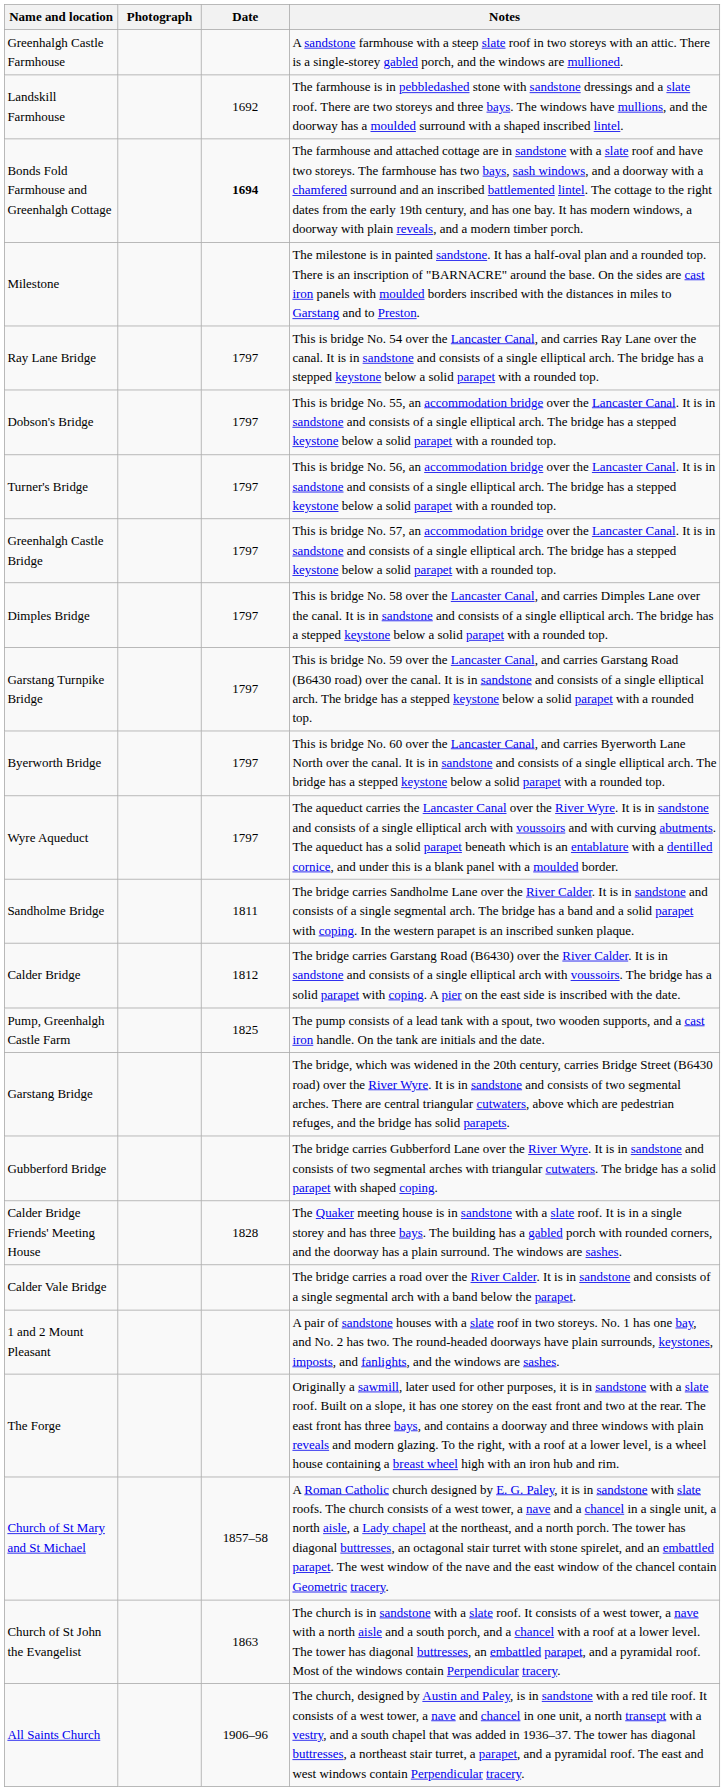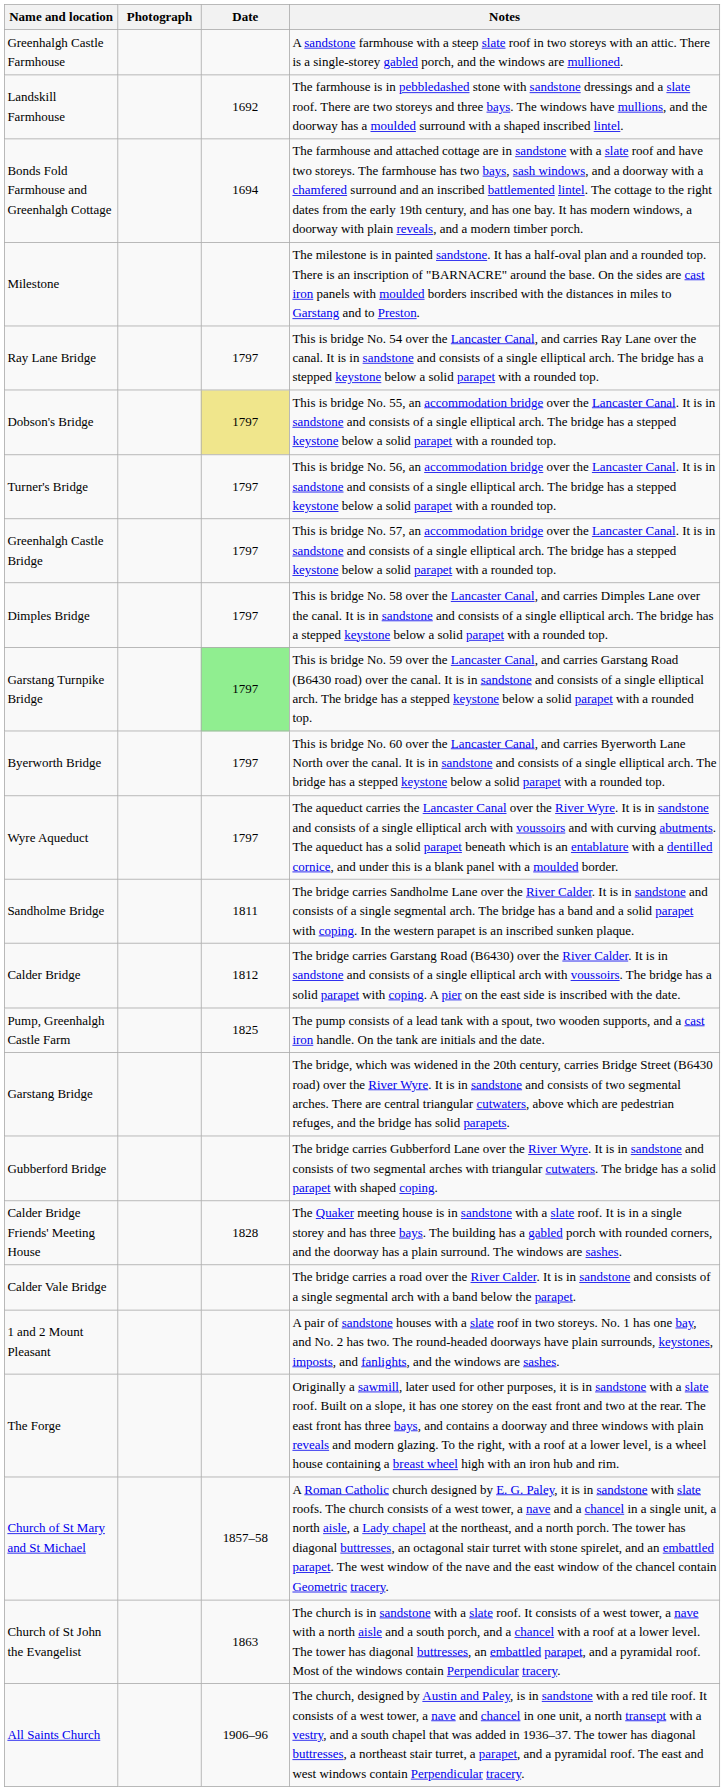 <table class="wikitable sortable plainrowheaders" style="width:100%;border:0px;text-align:left;line-height:150%;">
 <tr>
 <th scope="col"  style="width:150px">Name and location</th>
 <th scope="col"  style="width:100px" class="unsortable">Photograph</th>
 <th scope="col"  style="width:120px">Date</th>
 <th scope="col"  style="width:650px" class="unsortable">Notes</th>
 </tr>
 <tr>
 <td>Greenhalgh Castle Farmhouse<br><small></small></td>
 <td></td>
 <td align="center"></td>
 <td>A <a href='#'>sandstone</a> farmhouse with a steep <a href='#'>slate</a> roof in two storeys with an attic.  There is a single-storey <a href='#'>gabled</a> porch, and the windows are <a href='#'>mullioned</a>.</td>
 </tr>
 <tr>
 <td>Landskill Farmhouse<br><small></small></td>
 <td></td>
 <td align="center">1692</td>
 <td>The farmhouse is in <a href='#'>pebbledashed</a> stone with <a href='#'>sandstone</a> dressings and a <a href='#'>slate</a> roof.  There are two storeys and three <a href='#'>bays</a>.  The windows have <a href='#'>mullions</a>, and the doorway has a <a href='#'>moulded</a> surround with a shaped inscribed <a href='#'>lintel</a>.</td>
 </tr>
 <tr>
 <td>Bonds Fold Farmhouse and<br>Greenhalgh Cottage<br><small></small></td>
 <td></td>
-<td align="center"><strong>1694</strong></td>
+<td align="center">1694</td>
 <td>The farmhouse and attached cottage are in <a href='#'>sandstone</a> with a <a href='#'>slate</a> roof and have two storeys.  The farmhouse has two <a href='#'>bays</a>, <a href='#'>sash windows</a>, and a doorway with a <a href='#'>chamfered</a> surround and an inscribed <a href='#'>battlemented</a> <a href='#'>lintel</a>.  The cottage to the right dates from the early 19th century, and has one bay.  It has modern windows, a doorway with plain <a href='#'>reveals</a>, and a modern timber porch.</td>
 </tr>
 <tr>
 <td>Milestone<br><small></small></td>
 <td></td>
 <td align="center"></td>
 <td>The milestone is in painted <a href='#'>sandstone</a>.  It has a half-oval plan and a rounded top.  There is an inscription of "BARNACRE" around the base.  On the sides are <a href='#'>cast iron</a> panels with <a href='#'>moulded</a> borders inscribed with the distances in miles to <a href='#'>Garstang</a> and to <a href='#'>Preston</a>.</td>
 </tr>
 <tr>
 <td>Ray Lane Bridge<br><small></small></td>
 <td></td>
 <td align="center">1797</td>
 <td>This is bridge No. 54 over the <a href='#'>Lancaster Canal</a>, and carries Ray Lane over the canal.  It is in <a href='#'>sandstone</a> and consists of a single elliptical arch.  The bridge has a stepped <a href='#'>keystone</a> below a solid <a href='#'>parapet</a> with a rounded top.</td>
 </tr>
 <tr>
 <td>Dobson's Bridge<br><small></small></td>
 <td></td>
-<td align="center">1797</td>
+<td align="center" style="background: khaki;">1797</td>
 <td>This is bridge No. 55, an <a href='#'>accommodation bridge</a> over the <a href='#'>Lancaster Canal</a>.  It is in <a href='#'>sandstone</a> and consists of a single elliptical arch.  The bridge has a stepped <a href='#'>keystone</a> below a solid <a href='#'>parapet</a> with a rounded top.</td>
 </tr>
 <tr>
 <td>Turner's Bridge<br><small></small></td>
 <td></td>
 <td align="center">1797</td>
 <td>This is bridge No. 56, an <a href='#'>accommodation bridge</a> over the <a href='#'>Lancaster Canal</a>.  It is in <a href='#'>sandstone</a> and consists of a single elliptical arch.  The bridge has a stepped <a href='#'>keystone</a> below a solid <a href='#'>parapet</a> with a rounded top.</td>
 </tr>
 <tr>
 <td>Greenhalgh Castle Bridge<br><small></small></td>
 <td></td>
 <td align="center">1797</td>
 <td>This is bridge No. 57, an <a href='#'>accommodation bridge</a> over the <a href='#'>Lancaster Canal</a>.  It is in <a href='#'>sandstone</a> and consists of a single elliptical arch.  The bridge has a stepped <a href='#'>keystone</a> below a solid <a href='#'>parapet</a> with a rounded top.</td>
 </tr>
 <tr>
 <td>Dimples Bridge<br><small></small></td>
 <td></td>
 <td align="center">1797</td>
 <td>This is bridge No. 58 over the <a href='#'>Lancaster Canal</a>, and carries Dimples Lane over the canal.  It is in <a href='#'>sandstone</a> and consists of a single elliptical arch.  The bridge has a stepped <a href='#'>keystone</a> below a solid <a href='#'>parapet</a> with a rounded top.</td>
 </tr>
 <tr>
 <td>Garstang Turnpike Bridge<br><small></small></td>
 <td></td>
-<td align="center">1797</td>
+<td align="center" style="background: lightgreen;">1797</td>
 <td>This is bridge No. 59 over the <a href='#'>Lancaster Canal</a>, and carries Garstang Road (B6430 road) over the canal.  It is in <a href='#'>sandstone</a> and consists of a single elliptical arch.  The bridge has a stepped <a href='#'>keystone</a> below a solid <a href='#'>parapet</a> with a rounded top.</td>
 </tr>
 <tr>
 <td>Byerworth Bridge<br><small></small></td>
 <td></td>
 <td align="center">1797</td>
 <td>This is bridge No. 60 over the <a href='#'>Lancaster Canal</a>, and carries Byerworth Lane North over the canal.  It is in <a href='#'>sandstone</a> and consists of a single elliptical arch.  The bridge has a stepped <a href='#'>keystone</a> below a solid <a href='#'>parapet</a> with a rounded top.</td>
 </tr>
 <tr>
 <td>Wyre Aqueduct<br><small></small></td>
 <td></td>
 <td align="center">1797</td>
 <td>The aqueduct carries the <a href='#'>Lancaster Canal</a> over the <a href='#'>River Wyre</a>.  It is in <a href='#'>sandstone</a> and consists of a single elliptical arch with <a href='#'>voussoirs</a> and with curving <a href='#'>abutments</a>.  The aqueduct has a solid <a href='#'>parapet</a> beneath which is an <a href='#'>entablature</a> with a <a href='#'>dentilled</a> <a href='#'>cornice</a>, and under this is a blank panel with a <a href='#'>moulded</a> border.</td>
 </tr>
 <tr>
 <td>Sandholme Bridge<br><small></small></td>
 <td></td>
 <td align="center">1811</td>
 <td>The bridge carries Sandholme Lane over the <a href='#'>River Calder</a>.  It is in <a href='#'>sandstone</a> and consists of a single segmental arch.  The bridge has a band and a solid <a href='#'>parapet</a> with <a href='#'>coping</a>.  In the western parapet is an inscribed sunken plaque.</td>
 </tr>
 <tr>
 <td>Calder Bridge<br><small></small></td>
 <td></td>
 <td align="center">1812</td>
 <td>The bridge carries Garstang Road (B6430) over the <a href='#'>River Calder</a>.  It is in <a href='#'>sandstone</a> and consists of a single elliptical arch with <a href='#'>voussoirs</a>.  The bridge has a solid <a href='#'>parapet</a> with <a href='#'>coping</a>.  A <a href='#'>pier</a> on the east side is inscribed with the date.</td>
 </tr>
 <tr>
 <td>Pump, Greenhalgh Castle Farm<br><small></small></td>
 <td></td>
 <td align="center">1825</td>
 <td>The pump consists of a lead tank with a spout, two wooden supports, and a <a href='#'>cast iron</a> handle.  On the tank are initials and the date.</td>
 </tr>
 <tr>
 <td>Garstang Bridge<br><small></small></td>
 <td></td>
 <td align="center"></td>
 <td>The bridge, which was widened in the 20th century, carries Bridge Street (B6430 road) over the <a href='#'>River Wyre</a>.  It is in <a href='#'>sandstone</a> and consists of two segmental arches.  There are central triangular <a href='#'>cutwaters</a>, above which are pedestrian refuges, and the bridge has solid <a href='#'>parapets</a>.</td>
 </tr>
 <tr>
 <td>Gubberford Bridge<br><small></small></td>
 <td></td>
 <td align="center"></td>
 <td>The bridge carries Gubberford Lane over the <a href='#'>River Wyre</a>.  It is in <a href='#'>sandstone</a> and consists of two segmental arches with triangular <a href='#'>cutwaters</a>.  The bridge has a solid <a href='#'>parapet</a> with shaped <a href='#'>coping</a>.</td>
 </tr>
 <tr>
 <td>Calder Bridge Friends' Meeting House<br><small></small></td>
 <td></td>
 <td align="center">1828</td>
 <td>The <a href='#'>Quaker</a> meeting house is in <a href='#'>sandstone</a> with a <a href='#'>slate</a> roof.  It is in a single storey and has three <a href='#'>bays</a>.  The building has a <a href='#'>gabled</a> porch with rounded corners, and the doorway has a plain surround.  The windows are <a href='#'>sashes</a>.</td>
 </tr>
 <tr>
 <td>Calder Vale Bridge<br><small></small></td>
 <td></td>
 <td align="center"></td>
 <td>The bridge carries a road over the <a href='#'>River Calder</a>.  It is in <a href='#'>sandstone</a> and consists of a single segmental arch with a band below the <a href='#'>parapet</a>.</td>
 </tr>
 <tr>
 <td>1 and 2 Mount Pleasant<br><small></small></td>
 <td></td>
 <td align="center"></td>
 <td>A pair of <a href='#'>sandstone</a> houses with a <a href='#'>slate</a> roof in two storeys.  No. 1 has one <a href='#'>bay</a>, and No. 2 has two.  The round-headed doorways have plain surrounds, <a href='#'>keystones</a>, <a href='#'>imposts</a>, and <a href='#'>fanlights</a>, and the windows are <a href='#'>sashes</a>.</td>
 </tr>
 <tr>
 <td>The Forge<br><small></small></td>
 <td></td>
 <td align="center"></td>
 <td>Originally a <a href='#'>sawmill</a>, later used for other purposes, it is in <a href='#'>sandstone</a> with a <a href='#'>slate</a> roof.  Built on a slope, it has one storey on the east front and two at the rear.  The east front has three <a href='#'>bays</a>, and contains a doorway and three windows with plain <a href='#'>reveals</a> and modern glazing.  To the right, with a roof at a lower level, is a wheel house containing a <a href='#'>breast wheel</a>  high with an iron hub and rim.</td>
 </tr>
 <tr>
 <td><a href='#'>Church of St Mary and St Michael</a><br><small></small></td>
 <td></td>
 <td align="center">1857–58</td>
 <td>A <a href='#'>Roman Catholic</a> church designed by <a href='#'>E. G. Paley</a>, it is in <a href='#'>sandstone</a> with <a href='#'>slate</a> roofs.  The church consists of a west tower, a <a href='#'>nave</a> and a <a href='#'>chancel</a> in a single unit, a north <a href='#'>aisle</a>, a <a href='#'>Lady chapel</a> at the northeast, and a north porch.  The tower has diagonal <a href='#'>buttresses</a>, an octagonal stair turret with stone spirelet, and an <a href='#'>embattled</a> <a href='#'>parapet</a>.  The west window of the nave and the east window of the chancel contain <a href='#'>Geometric</a> <a href='#'>tracery</a>.</td>
 </tr>
 <tr>
 <td>Church of St John the Evangelist<br><small></small></td>
 <td></td>
 <td align="center">1863</td>
 <td>The church is in <a href='#'>sandstone</a> with a <a href='#'>slate</a> roof.  It consists of a west tower, a <a href='#'>nave</a> with a north <a href='#'>aisle</a> and a south porch, and a <a href='#'>chancel</a> with a roof at a lower level.  The tower has diagonal <a href='#'>buttresses</a>, an <a href='#'>embattled</a> <a href='#'>parapet</a>, and a pyramidal roof.  Most of the windows contain <a href='#'>Perpendicular</a> <a href='#'>tracery</a>.</td>
 </tr>
 <tr>
 <td><a href='#'>All Saints Church</a><br><small></small></td>
 <td></td>
 <td align="center">1906–96</td>
 <td>The church, designed by <a href='#'>Austin and Paley</a>, is in <a href='#'>sandstone</a> with a red tile roof.  It consists of a west tower, a <a href='#'>nave</a> and <a href='#'>chancel</a> in one unit, a north <a href='#'>transept</a> with a <a href='#'>vestry</a>, and a south chapel that was added in 1936–37.  The tower has diagonal <a href='#'>buttresses</a>, a northeast stair turret, a <a href='#'>parapet</a>, and a pyramidal roof.  The east and west windows contain <a href='#'>Perpendicular</a> <a href='#'>tracery</a>.</td>
 </tr>
 <tr>
 </tr>
 </table>
